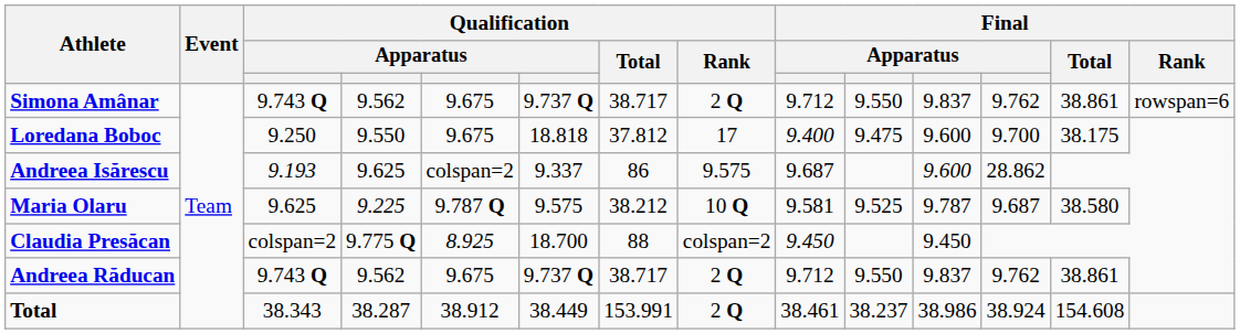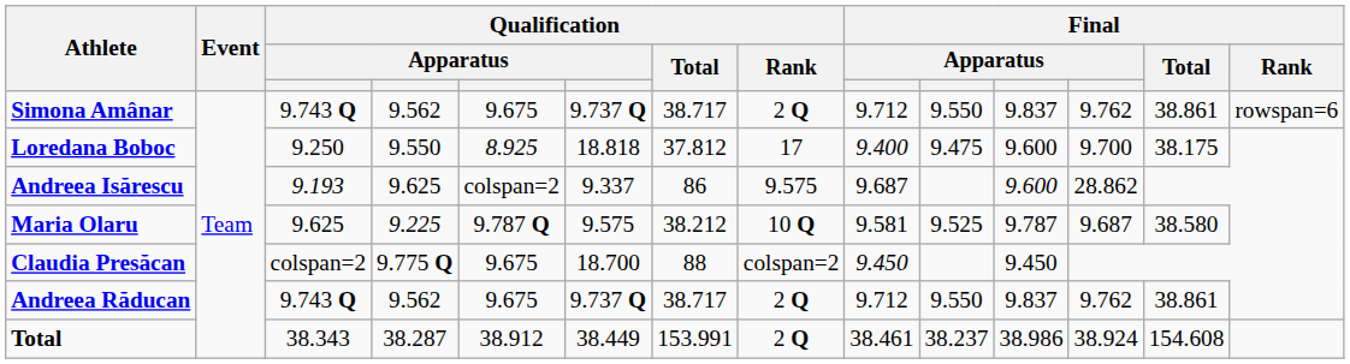 <table class=wikitable style=font-size:90%;text-align:center>
 <tr>
 <th rowspan=3>Athlete</th>
 <th rowspan=3>Event</th>
 <th colspan=6>Qualification</th>
 <th colspan=6>Final</th>
 </tr>
 <tr style=font-size:95%>
 <th colspan=4>Apparatus</th>
 <th rowspan=2>Total</th>
 <th rowspan=2>Rank</th>
 <th colspan=4>Apparatus</th>
 <th rowspan=2>Total</th>
 <th rowspan=2>Rank</th>
 </tr>
 <tr style=font-size:95%>
 <th></th>
 <th></th>
 <th></th>
 <th></th>
 <th></th>
 <th></th>
 <th></th>
 <th></th>
 </tr>
 <tr align=center>
 <td align=left><strong><a href='#'>Simona Amânar</a></strong></td>
 <td align=left rowspan=7><a href='#'>Team</a></td>
 <td>9.743 <strong>Q</strong></td>
 <td>9.562</td>
 <td>9.675</td>
 <td>9.737 <strong>Q</strong></td>
 <td>38.717</td>
 <td>2 <strong>Q</strong></td>
 <td>9.712</td>
 <td>9.550</td>
 <td>9.837</td>
 <td>9.762</td>
 <td>38.861</td>
 <td>rowspan=6 </td>
 </tr>
 <tr align=center>
 <td align=left><strong><a href='#'>Loredana Boboc</a></strong></td>
 <td>9.250</td>
 <td>9.550</td>
-<td>9.675</td>
+<td><em>8.925</em></td>
 <td>18.818</td>
 <td>37.812</td>
 <td>17</td>
 <td><em>9.400</em></td>
 <td>9.475</td>
 <td>9.600</td>
 <td>9.700</td>
 <td>38.175</td>
 </tr>
 <tr align=center>
 <td align=left><strong><a href='#'>Andreea Isărescu</a></strong></td>
 <td><em>9.193</em></td>
 <td>9.625</td>
 <td>colspan=2 </td>
 <td>9.337</td>
 <td>86</td>
 <td>9.575</td>
 <td>9.687</td>
 <td></td>
 <td><em>9.600</em></td>
 <td>28.862</td>
 </tr>
 <tr align=center>
 <td align=left><strong><a href='#'>Maria Olaru</a></strong></td>
 <td>9.625</td>
 <td><em>9.225</em></td>
 <td>9.787 <strong>Q</strong></td>
 <td>9.575</td>
 <td>38.212</td>
 <td>10 <strong>Q</strong></td>
 <td>9.581</td>
 <td>9.525</td>
 <td>9.787</td>
 <td>9.687</td>
 <td>38.580</td>
 </tr>
 <tr align=center>
 <td align=left><strong><a href='#'>Claudia Presăcan</a></strong></td>
 <td>colspan=2 </td>
 <td>9.775 <strong>Q</strong></td>
-<td><em>8.925</em></td>
+<td>9.675</td>
 <td>18.700</td>
 <td>88</td>
 <td>colspan=2 </td>
 <td><em>9.450</em></td>
 <td></td>
 <td>9.450</td>
 </tr>
 <tr align=center>
 <td align=left><strong><a href='#'>Andreea Răducan</a></strong></td>
 <td>9.743 <strong>Q</strong></td>
 <td>9.562</td>
 <td>9.675</td>
 <td>9.737 <strong>Q</strong></td>
 <td>38.717</td>
 <td>2 <strong>Q</strong></td>
 <td>9.712</td>
 <td>9.550</td>
 <td>9.837</td>
 <td>9.762</td>
 <td>38.861</td>
 </tr>
 <tr align=center>
 <td align=left><strong>Total</strong></td>
 <td>38.343</td>
 <td>38.287</td>
 <td>38.912</td>
 <td>38.449</td>
 <td>153.991</td>
 <td>2 <strong>Q</strong></td>
 <td>38.461</td>
 <td>38.237</td>
 <td>38.986</td>
 <td>38.924</td>
 <td>154.608</td>
 <td></td>
 </tr>
 </table>
